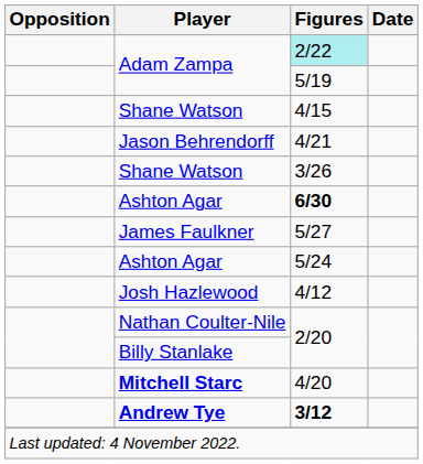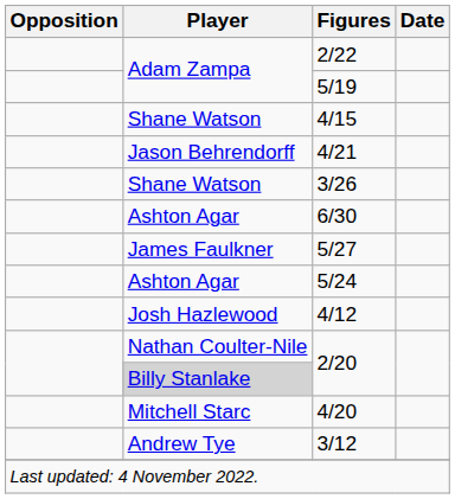 <table class="wikitable sortable">
 <tr>
 <th>Opposition</th>
 <th>Player</th>
 <th>Figures</th>
 <th>Date</th>
 </tr>
 <tr>
 <td></td>
 <td rowspan=2><a href='#'>Adam Zampa</a></td>
-<td style="background: paleturquoise;">2/22</td>
+<td>2/22</td>
 <td></td>
 </tr>
 <tr>
 <td></td>
 <td>5/19</td>
 <td></td>
 </tr>
 <tr>
 <td></td>
 <td><a href='#'>Shane Watson</a></td>
 <td>4/15</td>
 <td></td>
 </tr>
 <tr>
 <td></td>
 <td><a href='#'>Jason Behrendorff</a></td>
 <td>4/21</td>
 <td></td>
 </tr>
 <tr>
 <td></td>
 <td><a href='#'>Shane Watson</a></td>
 <td>3/26</td>
 <td> </td>
 </tr>
 <tr>
 <td></td>
 <td><a href='#'>Ashton Agar</a></td>
-<td><strong>6/30</strong></td>
+<td>6/30</td>
 <td></td>
 </tr>
 <tr>
 <td></td>
 <td><a href='#'>James Faulkner</a></td>
 <td>5/27</td>
 <td> </td>
 </tr>
 <tr>
 <td></td>
 <td><a href='#'>Ashton Agar</a></td>
 <td>5/24</td>
 <td></td>
 </tr>
 <tr>
 <td></td>
 <td><a href='#'>Josh Hazlewood</a></td>
 <td>4/12</td>
 <td> </td>
 </tr>
 <tr>
 <td rowspan=2></td>
 <td><a href='#'>Nathan Coulter-Nile</a></td>
 <td rowspan=2>2/20</td>
 <td rowspan=2></td>
 </tr>
 <tr>
-<td><a href='#'>Billy Stanlake</a></td>
+<td style="background: lightgrey;"><a href='#'>Billy Stanlake</a></td>
 </tr>
 <tr>
 <td></td>
-<td><strong><a href='#'>Mitchell Starc</a></strong></td>
+<td><a href='#'>Mitchell Starc</a></td>
 <td>4/20</td>
 <td></td>
 </tr>
 <tr>
 <td></td>
-<td><strong><a href='#'>Andrew Tye</a></strong></td>
-<td><strong>3/12</strong></td>
+<td><a href='#'>Andrew Tye</a></td>
+<td>3/12</td>
 <td></td>
 </tr>
 <tr>
 </tr>
 <tr class=sortbottom>
 <td colspan=5><small><em>Last updated: 4 November 2022.</em></small></td>
 </tr>
 </table>
